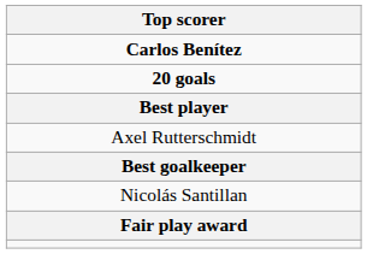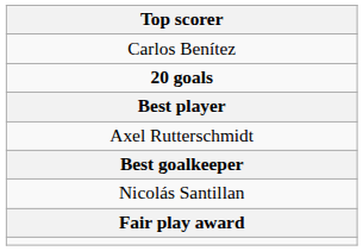 <table class="wikitable" style="margin: 1em auto 1em auto;">
 <tr>
 <th width=300>Top scorer</th>
 </tr>
 <tr align=center style="background:">
-<td style="text-align:center;"><strong> Carlos Benítez</strong></td>
+<td style="text-align:center;"> Carlos Benítez</td>
 </tr>
 <tr>
 <td style="text-align:center;"><strong>20 goals</strong></td>
 </tr>
 <tr>
 <th>Best player</th>
 </tr>
 <tr>
 <td style="text-align:center;"> Axel Rutterschmidt</td>
 </tr>
 <tr>
 <th>Best goalkeeper</th>
 </tr>
 <tr>
 <td style="text-align:center;"> Nicolás Santillan</td>
 </tr>
 <tr>
 <th>Fair play award</th>
 </tr>
 <tr>
 <td style="text-align:center;"></td>
 </tr>
 </table>
